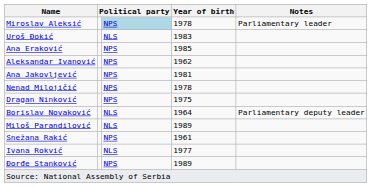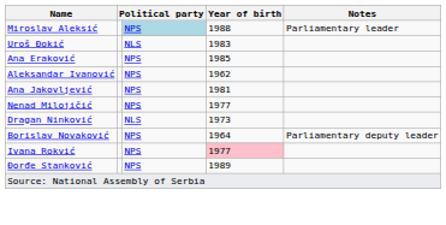 <table class="wikitable sortable" style="text-align:left">
 <tr>
 <th>Name</th>
 <th colspan="2">Political party</th>
 <th>Year of birth</th>
 <th>Notes</th>
 </tr>
 <tr>
 <td><a href='#'>Miroslav Aleksić</a></td>
 <td width="1" style="color:inherit;background: "></td>
 <td style="background: lightblue;"><a href='#'>NPS</a></td>
-<td>1978</td>
+<td>1988</td>
 <td>Parliamentary leader</td>
 </tr>
 <tr>
 <td><a href='#'>Uroš Đokić</a></td>
 <td width="1" style="color:inherit;background: "></td>
 <td><a href='#'>NLS</a></td>
 <td>1983</td>
 <td></td>
 </tr>
 <tr>
 <td><a href='#'>Ana Eraković</a></td>
 <td width="1" style="color:inherit;background: "></td>
 <td><a href='#'>NPS</a></td>
 <td>1985</td>
 <td></td>
 </tr>
 <tr>
 <td><a href='#'>Aleksandar Ivanović</a></td>
 <td width="1" style="color:inherit;background: "></td>
 <td><a href='#'>NPS</a></td>
 <td>1962</td>
 <td></td>
 </tr>
 <tr>
 <td><a href='#'>Ana Jakovljević</a></td>
 <td width="1" style="color:inherit;background: "></td>
 <td><a href='#'>NPS</a></td>
 <td>1981</td>
 <td></td>
 </tr>
 <tr>
 <td><a href='#'>Nenad Milojičić</a></td>
 <td width="1" style="color:inherit;background: "></td>
 <td><a href='#'>NPS</a></td>
-<td>1978</td>
+<td>1977</td>
 <td></td>
 </tr>
 <tr>
 <td><a href='#'>Dragan Ninković</a></td>
 <td width="1" style="color:inherit;background: "></td>
-<td><a href='#'>NPS</a></td>
-<td>1975</td>
+<td><a href='#'>NLS</a></td>
+<td>1973</td>
 <td></td>
 </tr>
 <tr>
 <td><a href='#'>Borislav Novaković</a></td>
 <td width="1" style="color:inherit;background: "></td>
-<td><a href='#'>NLS</a></td>
+<td><a href='#'>NPS</a></td>
 <td>1964</td>
 <td>Parliamentary deputy leader</td>
 </tr>
 <tr>
-<td><a href='#'>Miloš Parandilović</a></td>
-<td width="1" style="color:inherit;background: "></td>
-<td><a href='#'>NLS</a></td>
-<td>1989</td>
-<td></td>
-</tr>
-<tr>
-<td><a href='#'>Snežana Rakić</a></td>
+<td><a href='#'>Ivana Rokvić</a></td>
 <td width="1" style="color:inherit;background: "></td>
 <td><a href='#'>NPS</a></td>
-<td>1961</td>
-<td></td>
-</tr>
-<tr>
-<td><a href='#'>Ivana Rokvić</a></td>
-<td width="1" style="color:inherit;background: "></td>
-<td><a href='#'>NLS</a></td>
-<td>1977</td>
+<td style="background: pink;">1977</td>
 <td></td>
 </tr>
 <tr>
 <td><a href='#'>Đorđe Stanković</a></td>
 <td width="1" style="color:inherit;background: "></td>
 <td><a href='#'>NPS</a></td>
 <td>1989</td>
 <td></td>
 </tr>
 <tr>
 <td style="background-color:#EAECF0" colspan="5">Source: National Assembly of Serbia</td>
 </tr>
 </table>
